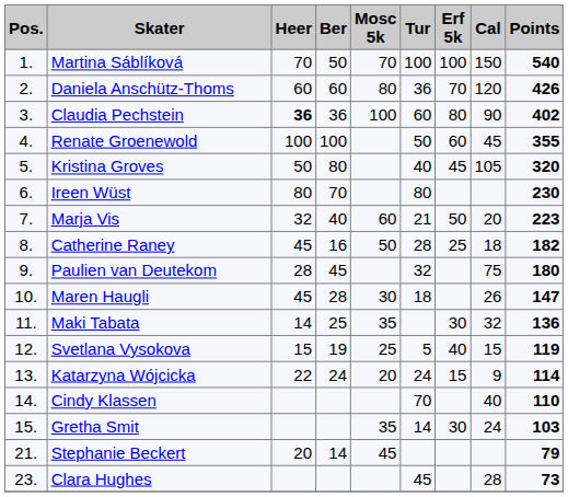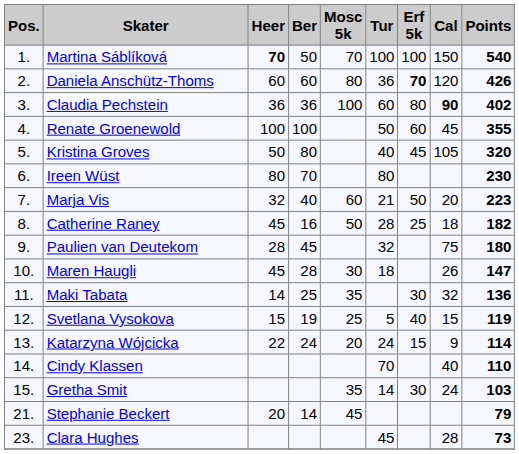 <table bgcolor="#f7f8ff" cellpadding="3" cellspacing="0" border="1" style="font-size: 95%; border: gray solid 1px; border-collapse: collapse;">
 <tr bgcolor="#CCCCCC">
 <td align="center" width="10"><strong>Pos.</strong></td>
 <td align="center" width="200"><strong>Skater</strong></td>
 <td align="center" width="20"><strong>Heer</strong></td>
 <td align="center" width="20"><strong>Ber</strong></td>
 <td align="center" width="20"><strong>Mosc 5k</strong></td>
 <td align="center" width="20"><strong>Tur</strong></td>
 <td align="center" width="20"><strong>Erf 5k</strong></td>
 <td align="center" width="20"><strong>Cal</strong></td>
 <td align="center" width="20"><strong>Points</strong></td>
 </tr>
 <tr align="left">
 <td align="center">1.</td>
 <td> <a href='#'>Martina Sáblíková</a></td>
-<td align="right">70</td>
+<td align="right"><strong>70</strong></td>
 <td align="right">50</td>
 <td align="right">70</td>
 <td align="right">100</td>
 <td align="right">100</td>
 <td align="right">150</td>
 <td align="right"><strong>540</strong></td>
 </tr>
 <tr align="left">
 <td align="center">2.</td>
 <td> <a href='#'>Daniela Anschütz-Thoms</a></td>
 <td align="right">60</td>
 <td align="right">60</td>
 <td align="right">80</td>
 <td align="right">36</td>
-<td align="right">70</td>
+<td align="right"><strong>70</strong></td>
 <td align="right">120</td>
 <td align="right"><strong>426</strong></td>
 </tr>
 <tr align="left">
 <td align="center">3.</td>
 <td> <a href='#'>Claudia Pechstein</a></td>
-<td align="right"><strong>36</strong></td>
+<td align="right">36</td>
 <td align="right">36</td>
 <td align="right">100</td>
 <td align="right">60</td>
 <td align="right">80</td>
-<td align="right">90</td>
+<td align="right"><strong>90</strong></td>
 <td align="right"><strong>402</strong></td>
 </tr>
 <tr align="left">
 <td align="center">4.</td>
 <td> <a href='#'>Renate Groenewold</a></td>
 <td align="right">100</td>
 <td align="right">100</td>
 <td align="right"></td>
 <td align="right">50</td>
 <td align="right">60</td>
 <td align="right">45</td>
 <td align="right"><strong>355</strong></td>
 </tr>
 <tr align="left">
 <td align="center">5.</td>
 <td> <a href='#'>Kristina Groves</a></td>
 <td align="right">50</td>
 <td align="right">80</td>
 <td align="right"></td>
 <td align="right">40</td>
 <td align="right">45</td>
 <td align="right">105</td>
 <td align="right"><strong>320</strong></td>
 </tr>
 <tr align="left">
 <td align="center">6.</td>
 <td> <a href='#'>Ireen Wüst</a></td>
 <td align="right">80</td>
 <td align="right">70</td>
 <td align="right"></td>
 <td align="right">80</td>
 <td align="right"></td>
 <td align="right"></td>
 <td align="right"><strong>230</strong></td>
 </tr>
 <tr align="left">
 <td align="center">7.</td>
 <td> <a href='#'>Marja Vis</a></td>
 <td align="right">32</td>
 <td align="right">40</td>
 <td align="right">60</td>
 <td align="right">21</td>
 <td align="right">50</td>
 <td align="right">20</td>
 <td align="right"><strong>223</strong></td>
 </tr>
 <tr align="left">
 <td align="center">8.</td>
 <td> <a href='#'>Catherine Raney</a></td>
 <td align="right">45</td>
 <td align="right">16</td>
 <td align="right">50</td>
 <td align="right">28</td>
 <td align="right">25</td>
 <td align="right">18</td>
 <td align="right"><strong>182</strong></td>
 </tr>
 <tr align="left">
 <td align="center">9.</td>
 <td> <a href='#'>Paulien van Deutekom</a></td>
 <td align="right">28</td>
 <td align="right">45</td>
 <td align="right"></td>
 <td align="right">32</td>
 <td align="right"></td>
 <td align="right">75</td>
 <td align="right"><strong>180</strong></td>
 </tr>
 <tr align="left">
 <td align="center">10.</td>
 <td> <a href='#'>Maren Haugli</a></td>
 <td align="right">45</td>
 <td align="right">28</td>
 <td align="right">30</td>
 <td align="right">18</td>
 <td align="right"></td>
 <td align="right">26</td>
 <td align="right"><strong>147</strong></td>
 </tr>
 <tr align="left">
 <td align="center">11.</td>
 <td> <a href='#'>Maki Tabata</a></td>
 <td align="right">14</td>
 <td align="right">25</td>
 <td align="right">35</td>
 <td align="right"></td>
 <td align="right">30</td>
 <td align="right">32</td>
 <td align="right"><strong>136</strong></td>
 </tr>
 <tr align="left">
 <td align="center">12.</td>
 <td> <a href='#'>Svetlana Vysokova</a></td>
 <td align="right">15</td>
 <td align="right">19</td>
 <td align="right">25</td>
 <td align="right">5</td>
 <td align="right">40</td>
 <td align="right">15</td>
 <td align="right"><strong>119</strong></td>
 </tr>
 <tr align="left">
 <td align="center">13.</td>
 <td> <a href='#'>Katarzyna Wójcicka</a></td>
 <td align="right">22</td>
 <td align="right">24</td>
 <td align="right">20</td>
 <td align="right">24</td>
 <td align="right">15</td>
 <td align="right">9</td>
 <td align="right"><strong>114</strong></td>
 </tr>
 <tr align="left">
 <td align="center">14.</td>
 <td> <a href='#'>Cindy Klassen</a></td>
 <td align="right"></td>
 <td align="right"></td>
 <td align="right"></td>
 <td align="right">70</td>
 <td align="right"></td>
 <td align="right">40</td>
 <td align="right"><strong>110</strong></td>
 </tr>
 <tr align="left">
 <td align="center">15.</td>
 <td> <a href='#'>Gretha Smit</a></td>
 <td align="right"></td>
 <td align="right"></td>
 <td align="right">35</td>
 <td align="right">14</td>
 <td align="right">30</td>
 <td align="right">24</td>
 <td align="right"><strong>103</strong></td>
 </tr>
 <tr align="left">
 <td align="center">21.</td>
 <td> <a href='#'>Stephanie Beckert</a></td>
 <td align="right">20</td>
 <td align="right">14</td>
 <td align="right">45</td>
 <td align="right"></td>
 <td align="right"></td>
 <td align="right"></td>
 <td align="right"><strong>79</strong></td>
 </tr>
 <tr align="left">
 <td align="center">23.</td>
 <td> <a href='#'>Clara Hughes</a></td>
 <td align="right"></td>
 <td align="right"></td>
 <td align="right"></td>
 <td align="right">45</td>
 <td align="right"></td>
 <td align="right">28</td>
 <td align="right"><strong>73</strong></td>
 </tr>
 <tr>
 </tr>
 </table>
